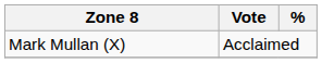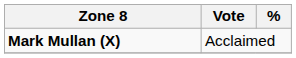 <table class="wikitable">
 <tr>
 <th bgcolor="#DDDDFF" width="200px">Zone 8</th>
 <th bgcolor="#DDDDFF" width="50px">Vote</th>
 <th bgcolor="#DDDDFF" width="30px">%</th>
 </tr>
 <tr>
-<td>Mark Mullan (X)</td>
+<td><strong>Mark Mullan (X)</strong></td>
 <td colspan="2">Acclaimed</td>
 </tr>
 <tr>
 </tr>
 </table>
